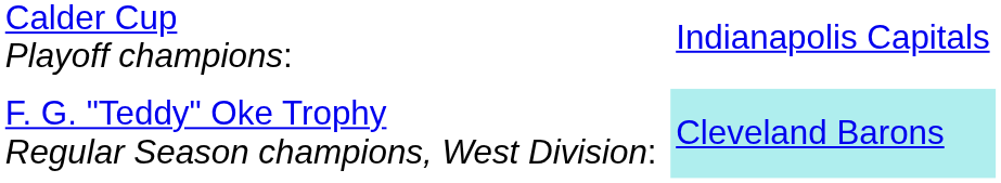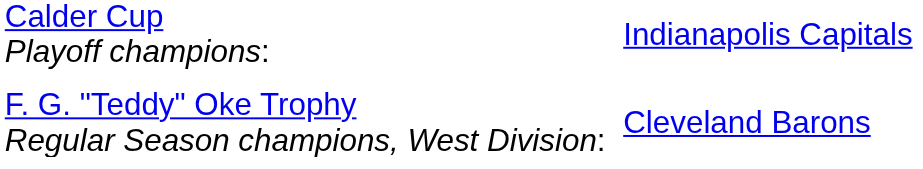 <table cellpadding="3" cellspacing="3">
 <tr>
 <td><a href='#'>Calder Cup</a><br><em>Playoff champions</em>:</td>
 <td><a href='#'>Indianapolis Capitals</a></td>
 </tr>
 <tr>
 <td><a href='#'>F. G. "Teddy" Oke Trophy</a><br><em>Regular Season champions, West Division</em>:</td>
-<td style="background: paleturquoise;"><a href='#'>Cleveland Barons</a></td>
+<td><a href='#'>Cleveland Barons</a></td>
 </tr>
 </table>
